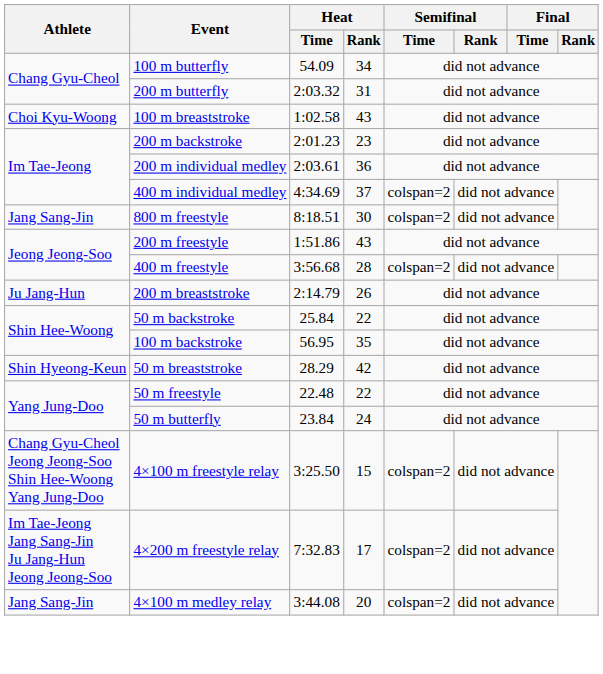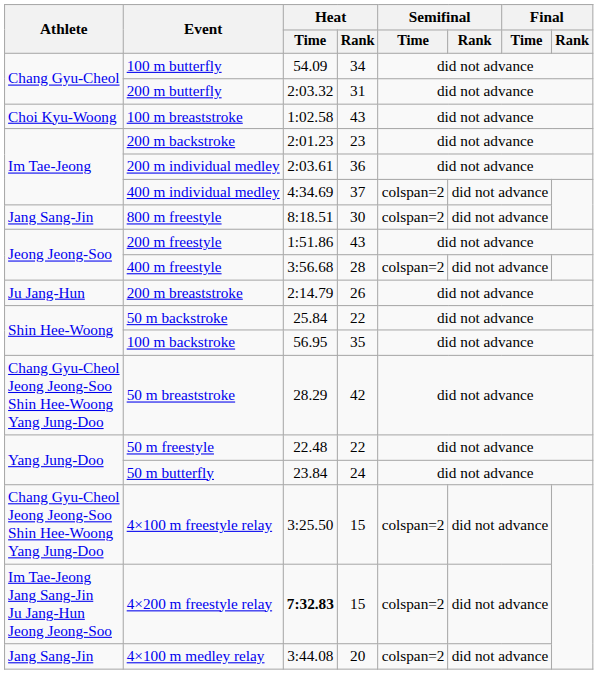 <table class=wikitable style="font-size:90%">
 <tr>
 <th rowspan=2>Athlete</th>
 <th rowspan=2>Event</th>
 <th colspan="2">Heat</th>
 <th colspan="2">Semifinal</th>
 <th colspan="2">Final</th>
 </tr>
 <tr style="font-size:95%">
 <th>Time</th>
 <th>Rank</th>
 <th>Time</th>
 <th>Rank</th>
 <th>Time</th>
 <th>Rank</th>
 </tr>
 <tr align=center>
 <td align=left rowspan=2><a href='#'>Chang Gyu-Cheol</a></td>
 <td align=left><a href='#'>100 m butterfly</a></td>
 <td>54.09</td>
 <td>34</td>
 <td colspan=4>did not advance</td>
 </tr>
 <tr align=center>
 <td align=left><a href='#'>200 m butterfly</a></td>
 <td>2:03.32</td>
 <td>31</td>
 <td colspan=4>did not advance</td>
 </tr>
 <tr align=center>
 <td align=left><a href='#'>Choi Kyu-Woong</a></td>
 <td align=left><a href='#'>100 m breaststroke</a></td>
 <td>1:02.58</td>
 <td>43</td>
 <td colspan=4>did not advance</td>
 </tr>
 <tr align=center>
 <td align=left rowspan=3><a href='#'>Im Tae-Jeong</a></td>
 <td align=left><a href='#'>200 m backstroke</a></td>
 <td>2:01.23</td>
 <td>23</td>
 <td colspan=4>did not advance</td>
 </tr>
 <tr align=center>
 <td align=left><a href='#'>200 m individual medley</a></td>
 <td>2:03.61</td>
 <td>36</td>
 <td colspan=4>did not advance</td>
 </tr>
 <tr align=center>
 <td align=left><a href='#'>400 m individual medley</a></td>
 <td>4:34.69</td>
 <td>37</td>
 <td>colspan=2 </td>
 <td colspan=2>did not advance</td>
 </tr>
 <tr align=center>
 <td align=left><a href='#'>Jang Sang-Jin</a></td>
 <td align=left><a href='#'>800 m freestyle</a></td>
 <td>8:18.51</td>
 <td>30</td>
 <td>colspan=2 </td>
 <td colspan=2>did not advance</td>
 </tr>
 <tr align=center>
 <td align=left rowspan=2><a href='#'>Jeong Jeong-Soo</a></td>
 <td align=left><a href='#'>200 m freestyle</a></td>
 <td>1:51.86</td>
 <td>43</td>
 <td colspan=4>did not advance</td>
 </tr>
 <tr align=center>
 <td align=left><a href='#'>400 m freestyle</a></td>
 <td>3:56.68</td>
 <td>28</td>
 <td>colspan=2 </td>
 <td colspan=2>did not advance</td>
 </tr>
 <tr align=center>
 <td align=left><a href='#'>Ju Jang-Hun</a></td>
 <td align=left><a href='#'>200 m breaststroke</a></td>
 <td>2:14.79</td>
 <td>26</td>
 <td colspan=4>did not advance</td>
 </tr>
 <tr align=center>
 <td align=left rowspan=2><a href='#'>Shin Hee-Woong</a></td>
 <td align=left><a href='#'>50 m backstroke</a></td>
 <td>25.84</td>
 <td>22</td>
 <td colspan=4>did not advance</td>
 </tr>
 <tr align=center>
 <td align=left><a href='#'>100 m backstroke</a></td>
 <td>56.95</td>
 <td>35</td>
 <td colspan=4>did not advance</td>
 </tr>
 <tr align=center>
-<td align=left><a href='#'>Shin Hyeong-Keun</a></td>
+<td align=left><a href='#'>Chang Gyu-Cheol</a><br><a href='#'>Jeong Jeong-Soo</a><br><a href='#'>Shin Hee-Woong</a><br><a href='#'>Yang Jung-Doo</a></td>
 <td align=left><a href='#'>50 m breaststroke</a></td>
 <td>28.29</td>
 <td>42</td>
 <td colspan=4>did not advance</td>
 </tr>
 <tr align=center>
 <td align=left rowspan=2><a href='#'>Yang Jung-Doo</a></td>
 <td align=left><a href='#'>50 m freestyle</a></td>
 <td>22.48</td>
 <td>22</td>
 <td colspan=4>did not advance</td>
 </tr>
 <tr align=center>
 <td align=left><a href='#'>50 m butterfly</a></td>
 <td>23.84</td>
 <td>24</td>
 <td colspan=4>did not advance</td>
 </tr>
 <tr align=center>
 <td align=left><a href='#'>Chang Gyu-Cheol</a><br><a href='#'>Jeong Jeong-Soo</a><br><a href='#'>Shin Hee-Woong</a><br><a href='#'>Yang Jung-Doo</a></td>
 <td align=left><a href='#'>4×100 m freestyle relay</a></td>
 <td>3:25.50</td>
 <td>15</td>
 <td>colspan=2 </td>
 <td colspan=2>did not advance</td>
 </tr>
 <tr align=center>
 <td align=left><a href='#'>Im Tae-Jeong</a><br><a href='#'>Jang Sang-Jin</a><br><a href='#'>Ju Jang-Hun</a><br><a href='#'>Jeong Jeong-Soo</a></td>
 <td align=left><a href='#'>4×200 m freestyle relay</a></td>
-<td>7:32.83</td>
-<td>17</td>
+<td><strong>7:32.83</strong></td>
+<td>15</td>
 <td>colspan=2 </td>
 <td colspan=2>did not advance</td>
 </tr>
 <tr align=center>
 <td align=left><a href='#'>Jang Sang-Jin</a></td>
 <td align=left><a href='#'>4×100 m medley relay</a></td>
 <td>3:44.08</td>
 <td>20</td>
 <td>colspan=2 </td>
 <td colspan=2>did not advance</td>
 </tr>
 </table>
